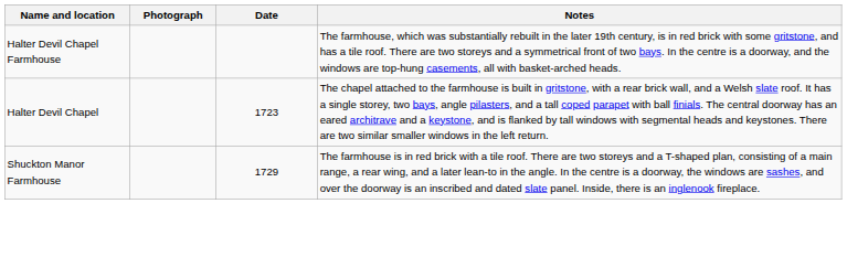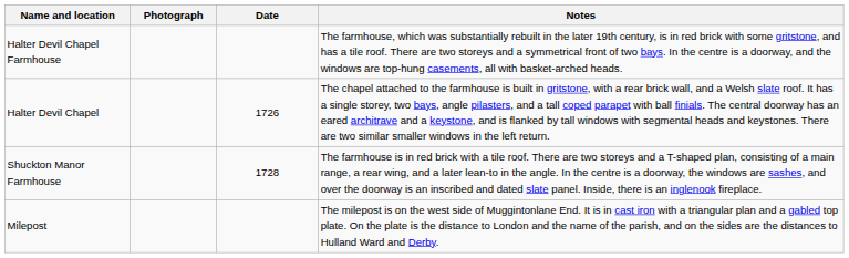 <table class="wikitable sortable plainrowheaders" style="width:100%;border:0px;text-align:left;line-height:150%;">
 <tr>
 <th scope="col"  style="width:150px">Name and location</th>
 <th scope="col"  style="width:100px" class="unsortable">Photograph</th>
 <th scope="col"  style="width:120px">Date</th>
 <th scope="col"  style="width:650px" class="unsortable">Notes</th>
 </tr>
 <tr>
 <td>Halter Devil Chapel Farmhouse<br><small></small></td>
 <td></td>
 <td align="center"></td>
 <td>The farmhouse, which was substantially rebuilt in the later 19th century, is in red brick with some <a href='#'>gritstone</a>, and has a tile roof.  There are two storeys and a symmetrical front of two <a href='#'>bays</a>.  In the centre is a doorway, and the windows are top-hung <a href='#'>casements</a>, all with basket-arched heads.</td>
 </tr>
 <tr>
 <td>Halter Devil Chapel<br><small></small></td>
 <td></td>
-<td align="center">1723</td>
+<td align="center">1726</td>
 <td>The chapel attached to the farmhouse is built in <a href='#'>gritstone</a>, with a rear brick wall, and a Welsh <a href='#'>slate</a> roof.  It has a single storey, two <a href='#'>bays</a>, angle <a href='#'>pilasters</a>, and a tall <a href='#'>coped</a> <a href='#'>parapet</a> with ball <a href='#'>finials</a>.  The central doorway has an eared <a href='#'>architrave</a> and a <a href='#'>keystone</a>, and is flanked by tall windows with segmental heads and keystones.  There are two similar smaller windows in the left return.</td>
 </tr>
 <tr>
 <td>Shuckton Manor Farmhouse<br><small></small></td>
 <td></td>
-<td align="center">1729</td>
+<td align="center">1728</td>
 <td>The farmhouse is in red brick with a tile roof.  There are two storeys and a T-shaped plan, consisting of a main range, a rear wing, and a later lean-to in the angle.  In the centre is a doorway, the windows are <a href='#'>sashes</a>, and over the doorway is an inscribed and dated <a href='#'>slate</a> panel.  Inside, there is an <a href='#'>inglenook</a> fireplace.</td>
+</tr>
+<tr>
+<td>Milepost<br><small></small></td>
+<td></td>
+<td align="center"></td>
+<td>The milepost is on the west side of Muggintonlane End.  It is in <a href='#'>cast iron</a> with a triangular plan and a <a href='#'>gabled</a> top plate.  On the plate is the distance to London and the name of the parish, and on the sides are the distances to Hulland Ward and <a href='#'>Derby</a>.</td>
 </tr>
 <tr>
 </tr>
 </table>
